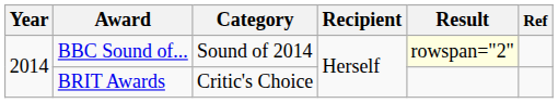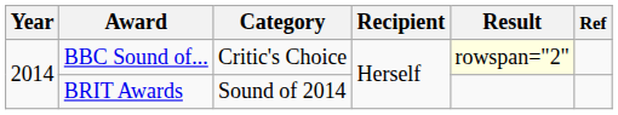 <table class="wikitable">
 <tr>
 <th>Year</th>
 <th>Award</th>
 <th>Category</th>
 <th>Recipient</th>
 <th>Result</th>
 <th><small>Ref</small></th>
 </tr>
 <tr>
 <td rowspan="2">2014</td>
 <td><a href='#'>BBC Sound of...</a></td>
-<td>Sound of 2014</td>
+<td>Critic's Choice</td>
 <td rowspan="2">Herself</td>
 <td style="background: lightyellow;">rowspan="2" </td>
 <td align="center"></td>
 </tr>
 <tr>
 <td><a href='#'>BRIT Awards</a></td>
-<td>Critic's Choice</td>
+<td>Sound of 2014</td>
 <td align="center"></td>
 </tr>
 </table>
